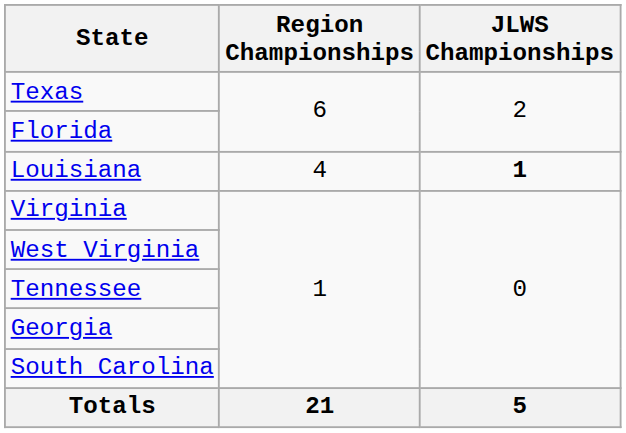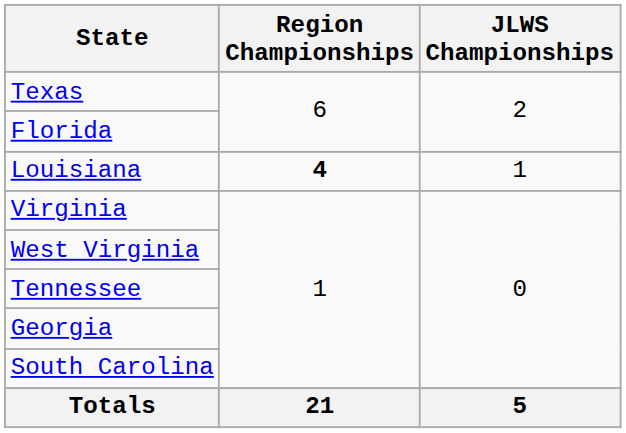 <table class="wikitable">
 <tr>
 <th>State</th>
 <th>Region<br>Championships</th>
 <th>JLWS<br>Championships</th>
 </tr>
 <tr>
 <td> <a href='#'>Texas</a></td>
 <td align=center rowspan=2>6</td>
 <td align=center rowspan=2>2</td>
 </tr>
 <tr>
 <td> <a href='#'>Florida</a></td>
 </tr>
 <tr>
 <td> <a href='#'>Louisiana</a></td>
-<td align=center>4</td>
-<td align=center><strong>1</strong></td>
+<td align=center><strong>4</strong></td>
+<td align=center>1</td>
 </tr>
 <tr>
 <td> <a href='#'>Virginia</a></td>
 <td align=center rowspan=5>1</td>
 <td align=center rowspan=5>0</td>
 </tr>
 <tr>
 <td> <a href='#'>West Virginia</a></td>
 </tr>
 <tr>
 <td> <a href='#'>Tennessee</a></td>
 </tr>
 <tr>
 <td> <a href='#'>Georgia</a></td>
 </tr>
 <tr>
 <td> <a href='#'>South Carolina</a></td>
 </tr>
 <tr>
 <th>Totals</th>
 <th>21</th>
 <th>5</th>
 </tr>
 </table>
